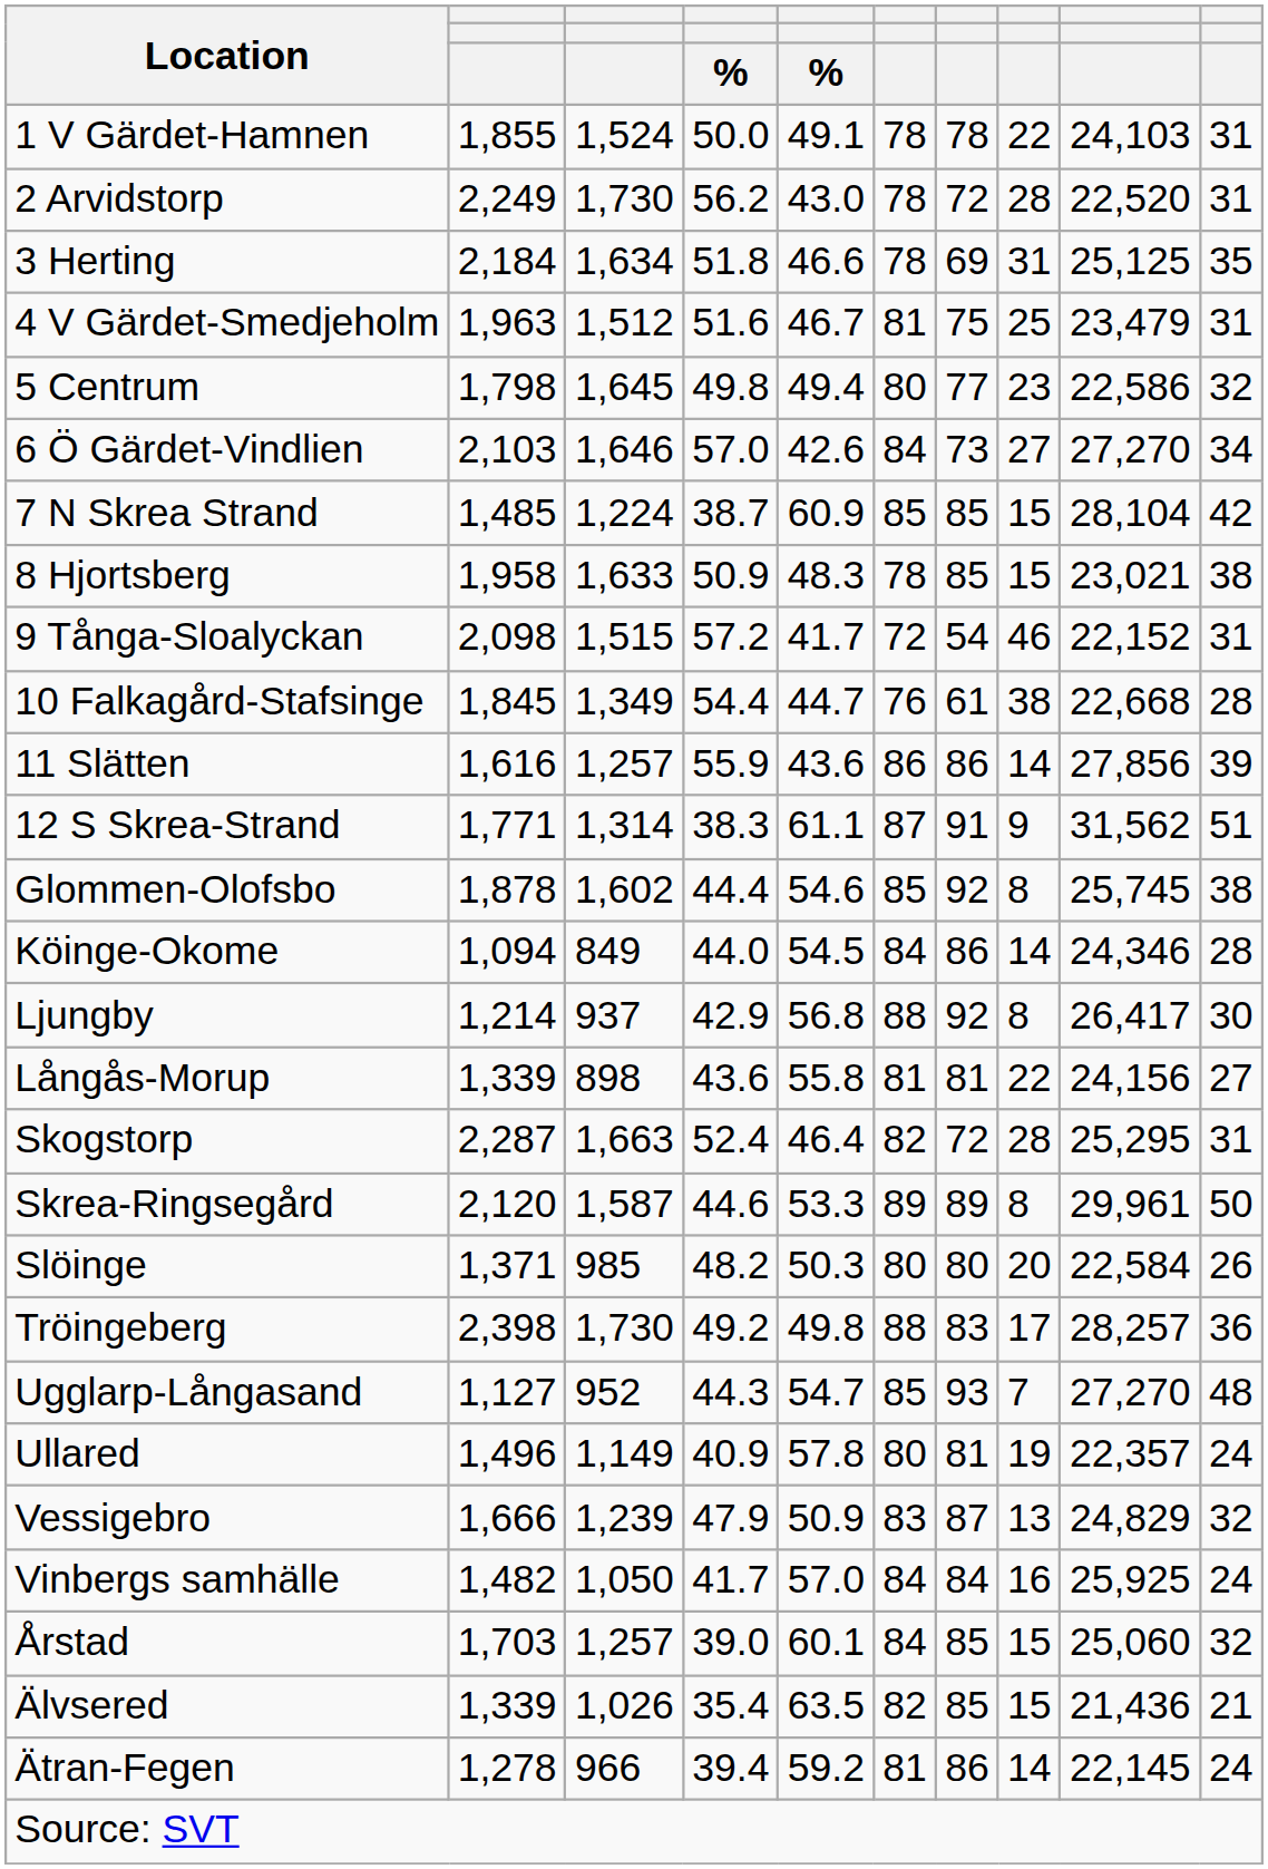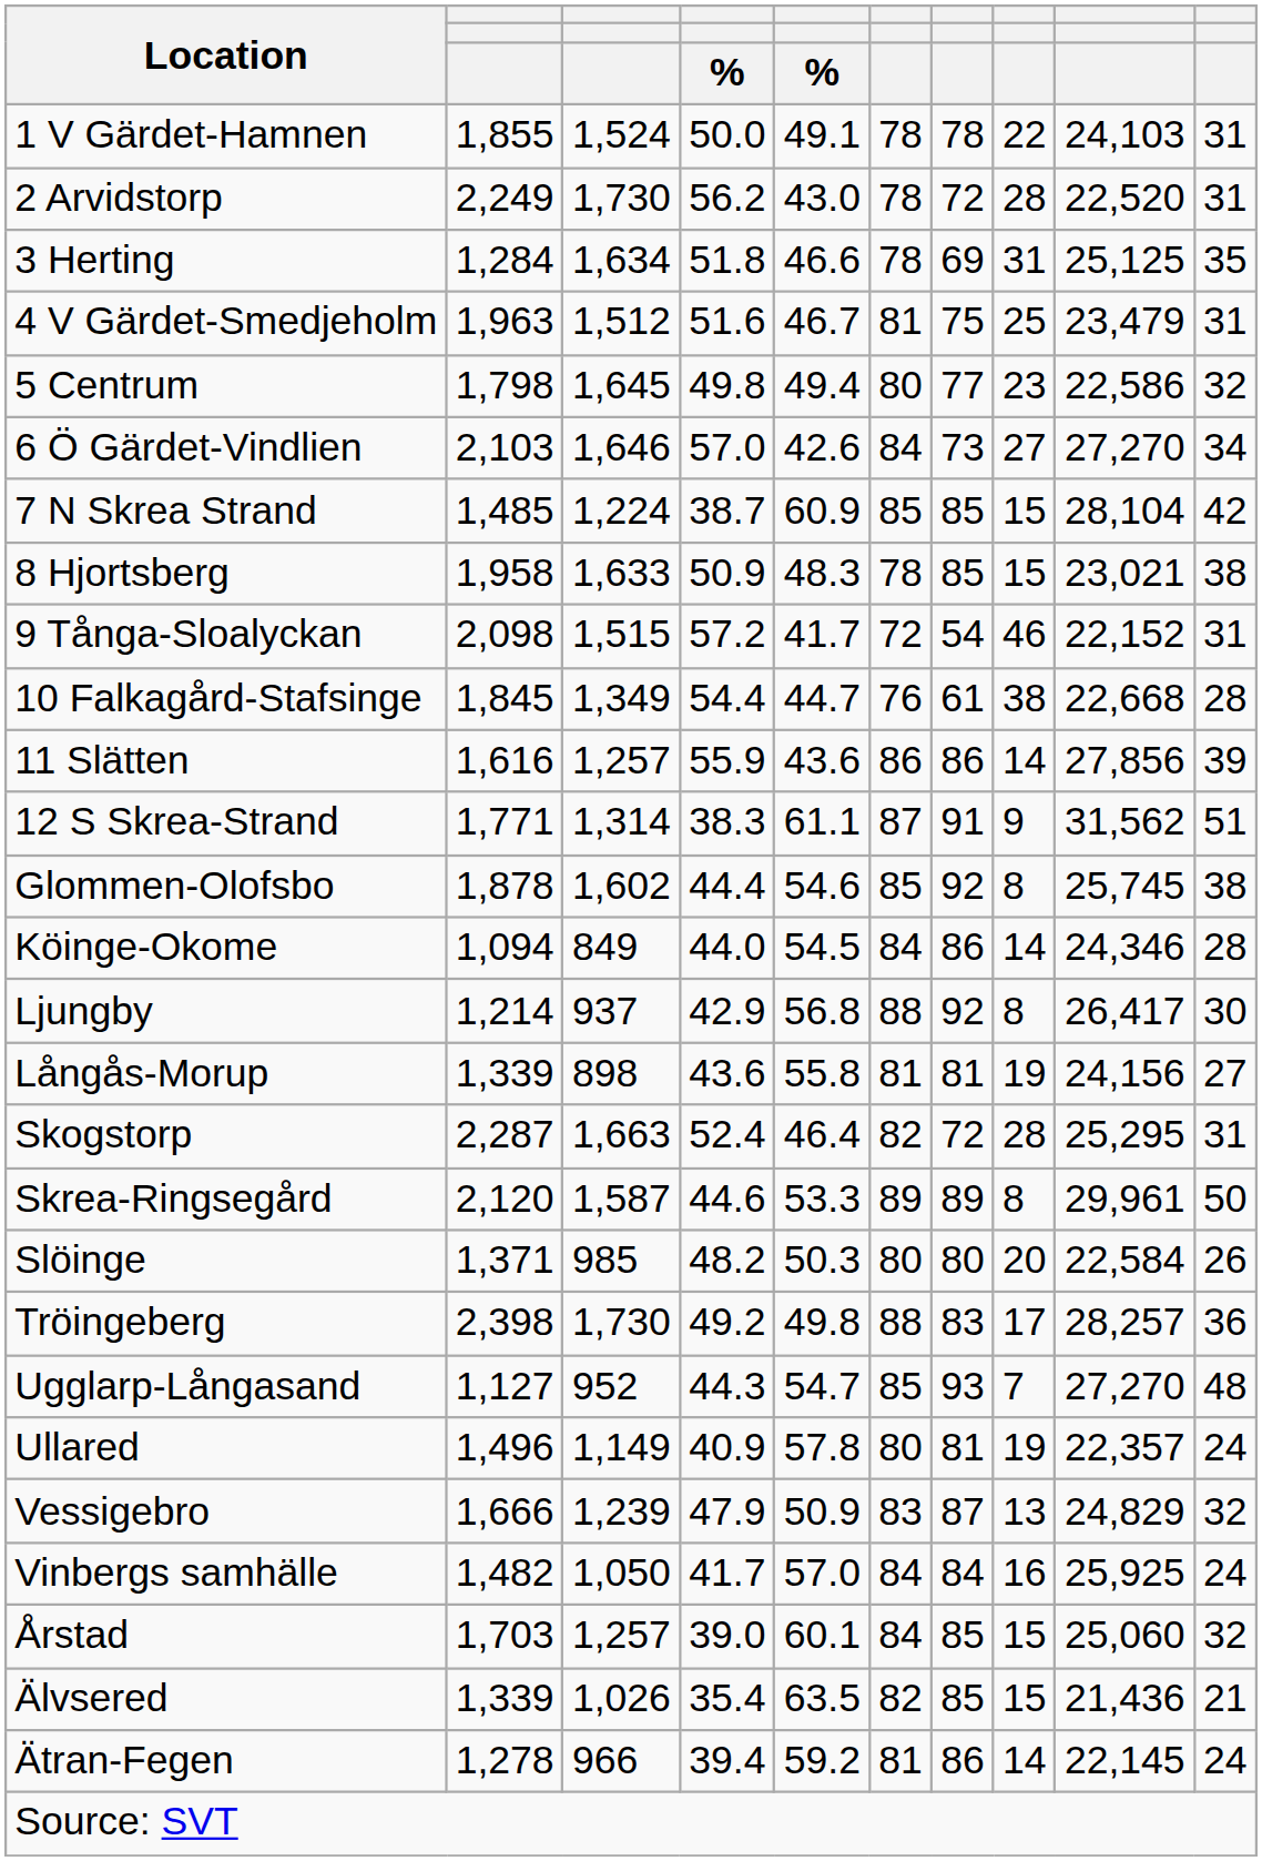 <table role="presentation" class="wikitable sortable mw-collapsible mw-collapsed">
 <tr>
 <th rowspan="3">Location</th>
 <th></th>
 <th></th>
 <th></th>
 <th></th>
 <th></th>
 <th></th>
 <th></th>
 <th></th>
 <th></th>
 </tr>
 <tr>
 <th></th>
 <th></th>
 <th style="background:"></th>
 <th style="background:"></th>
 <th></th>
 <th></th>
 <th></th>
 <th></th>
 <th></th>
 </tr>
 <tr>
 <th data-sort-type="number"></th>
 <th data-sort-type="number"></th>
 <th data-sort-type="number">%</th>
 <th data-sort-type="number">%</th>
 <th data-sort-type="number"></th>
 <th data-sort-type="number"></th>
 <th data-sort-type="number"></th>
 <th data-sort-type="number"></th>
 <th data-sort-type="number"></th>
 </tr>
 <tr>
 <td align="left">1 V Gärdet-Hamnen</td>
 <td>1,855</td>
 <td>1,524</td>
 <td>50.0</td>
 <td>49.1</td>
 <td>78</td>
 <td>78</td>
 <td>22</td>
 <td>24,103</td>
 <td>31</td>
 </tr>
 <tr>
 <td align="left">2 Arvidstorp</td>
 <td>2,249</td>
 <td>1,730</td>
 <td>56.2</td>
 <td>43.0</td>
 <td>78</td>
 <td>72</td>
 <td>28</td>
 <td>22,520</td>
 <td>31</td>
 </tr>
 <tr>
 <td align="left">3 Herting</td>
-<td>2,184</td>
+<td>1,284</td>
 <td>1,634</td>
 <td>51.8</td>
 <td>46.6</td>
 <td>78</td>
 <td>69</td>
 <td>31</td>
 <td>25,125</td>
 <td>35</td>
 </tr>
 <tr>
 <td align="left">4 V Gärdet-Smedjeholm</td>
 <td>1,963</td>
 <td>1,512</td>
 <td>51.6</td>
 <td>46.7</td>
 <td>81</td>
 <td>75</td>
 <td>25</td>
 <td>23,479</td>
 <td>31</td>
 </tr>
 <tr>
 <td align="left">5 Centrum</td>
 <td>1,798</td>
 <td>1,645</td>
 <td>49.8</td>
 <td>49.4</td>
 <td>80</td>
 <td>77</td>
 <td>23</td>
 <td>22,586</td>
 <td>32</td>
 </tr>
 <tr>
 <td align="left">6 Ö Gärdet-Vindlien</td>
 <td>2,103</td>
 <td>1,646</td>
 <td>57.0</td>
 <td>42.6</td>
 <td>84</td>
 <td>73</td>
 <td>27</td>
 <td>27,270</td>
 <td>34</td>
 </tr>
 <tr>
 <td align="left">7 N Skrea Strand</td>
 <td>1,485</td>
 <td>1,224</td>
 <td>38.7</td>
 <td>60.9</td>
 <td>85</td>
 <td>85</td>
 <td>15</td>
 <td>28,104</td>
 <td>42</td>
 </tr>
 <tr>
 <td align="left">8 Hjortsberg</td>
 <td>1,958</td>
 <td>1,633</td>
 <td>50.9</td>
 <td>48.3</td>
 <td>78</td>
 <td>85</td>
 <td>15</td>
 <td>23,021</td>
 <td>38</td>
 </tr>
 <tr>
 <td align="left">9 Tånga-Sloalyckan</td>
 <td>2,098</td>
 <td>1,515</td>
 <td>57.2</td>
 <td>41.7</td>
 <td>72</td>
 <td>54</td>
 <td>46</td>
 <td>22,152</td>
 <td>31</td>
 </tr>
 <tr>
 <td align="left">10 Falkagård-Stafsinge</td>
 <td>1,845</td>
 <td>1,349</td>
 <td>54.4</td>
 <td>44.7</td>
 <td>76</td>
 <td>61</td>
 <td>38</td>
 <td>22,668</td>
 <td>28</td>
 </tr>
 <tr>
 <td align="left">11 Slätten</td>
 <td>1,616</td>
 <td>1,257</td>
 <td>55.9</td>
 <td>43.6</td>
 <td>86</td>
 <td>86</td>
 <td>14</td>
 <td>27,856</td>
 <td>39</td>
 </tr>
 <tr>
 <td align="left">12 S Skrea-Strand</td>
 <td>1,771</td>
 <td>1,314</td>
 <td>38.3</td>
 <td>61.1</td>
 <td>87</td>
 <td>91</td>
 <td>9</td>
 <td>31,562</td>
 <td>51</td>
 </tr>
 <tr>
 <td align="left">Glommen-Olofsbo</td>
 <td>1,878</td>
 <td>1,602</td>
 <td>44.4</td>
 <td>54.6</td>
 <td>85</td>
 <td>92</td>
 <td>8</td>
 <td>25,745</td>
 <td>38</td>
 </tr>
 <tr>
 <td align="left">Köinge-Okome</td>
 <td>1,094</td>
 <td>849</td>
 <td>44.0</td>
 <td>54.5</td>
 <td>84</td>
 <td>86</td>
 <td>14</td>
 <td>24,346</td>
 <td>28</td>
 </tr>
 <tr>
 <td align="left">Ljungby</td>
 <td>1,214</td>
 <td>937</td>
 <td>42.9</td>
 <td>56.8</td>
 <td>88</td>
 <td>92</td>
 <td>8</td>
 <td>26,417</td>
 <td>30</td>
 </tr>
 <tr>
 <td align="left">Långås-Morup</td>
 <td>1,339</td>
 <td>898</td>
 <td>43.6</td>
 <td>55.8</td>
 <td>81</td>
 <td>81</td>
-<td>22</td>
+<td>19</td>
 <td>24,156</td>
 <td>27</td>
 </tr>
 <tr>
 <td align="left">Skogstorp</td>
 <td>2,287</td>
 <td>1,663</td>
 <td>52.4</td>
 <td>46.4</td>
 <td>82</td>
 <td>72</td>
 <td>28</td>
 <td>25,295</td>
 <td>31</td>
 </tr>
 <tr>
 <td align="left">Skrea-Ringsegård</td>
 <td>2,120</td>
 <td>1,587</td>
 <td>44.6</td>
 <td>53.3</td>
 <td>89</td>
 <td>89</td>
 <td>8</td>
 <td>29,961</td>
 <td>50</td>
 </tr>
 <tr>
 <td align="left">Slöinge</td>
 <td>1,371</td>
 <td>985</td>
 <td>48.2</td>
 <td>50.3</td>
 <td>80</td>
 <td>80</td>
 <td>20</td>
 <td>22,584</td>
 <td>26</td>
 </tr>
 <tr>
 <td align="left">Tröingeberg</td>
 <td>2,398</td>
 <td>1,730</td>
 <td>49.2</td>
 <td>49.8</td>
 <td>88</td>
 <td>83</td>
 <td>17</td>
 <td>28,257</td>
 <td>36</td>
 </tr>
 <tr>
 <td align="left">Ugglarp-Långasand</td>
 <td>1,127</td>
 <td>952</td>
 <td>44.3</td>
 <td>54.7</td>
 <td>85</td>
 <td>93</td>
 <td>7</td>
 <td>27,270</td>
 <td>48</td>
 </tr>
 <tr>
 <td align="left">Ullared</td>
 <td>1,496</td>
 <td>1,149</td>
 <td>40.9</td>
 <td>57.8</td>
 <td>80</td>
 <td>81</td>
 <td>19</td>
 <td>22,357</td>
 <td>24</td>
 </tr>
 <tr>
 <td align="left">Vessigebro</td>
 <td>1,666</td>
 <td>1,239</td>
 <td>47.9</td>
 <td>50.9</td>
 <td>83</td>
 <td>87</td>
 <td>13</td>
 <td>24,829</td>
 <td>32</td>
 </tr>
 <tr>
 <td align="left">Vinbergs samhälle</td>
 <td>1,482</td>
 <td>1,050</td>
 <td>41.7</td>
 <td>57.0</td>
 <td>84</td>
 <td>84</td>
 <td>16</td>
 <td>25,925</td>
 <td>24</td>
 </tr>
 <tr>
 <td align="left">Årstad</td>
 <td>1,703</td>
 <td>1,257</td>
 <td>39.0</td>
 <td>60.1</td>
 <td>84</td>
 <td>85</td>
 <td>15</td>
 <td>25,060</td>
 <td>32</td>
 </tr>
 <tr>
 <td align="left">Älvsered</td>
 <td>1,339</td>
 <td>1,026</td>
 <td>35.4</td>
 <td>63.5</td>
 <td>82</td>
 <td>85</td>
 <td>15</td>
 <td>21,436</td>
 <td>21</td>
 </tr>
 <tr>
 <td align="left">Ätran-Fegen</td>
 <td>1,278</td>
 <td>966</td>
 <td>39.4</td>
 <td>59.2</td>
 <td>81</td>
 <td>86</td>
 <td>14</td>
 <td>22,145</td>
 <td>24</td>
 </tr>
 <tr>
 <td colspan="10" align="left">Source: <a href='#'>SVT</a></td>
 </tr>
 </table>
